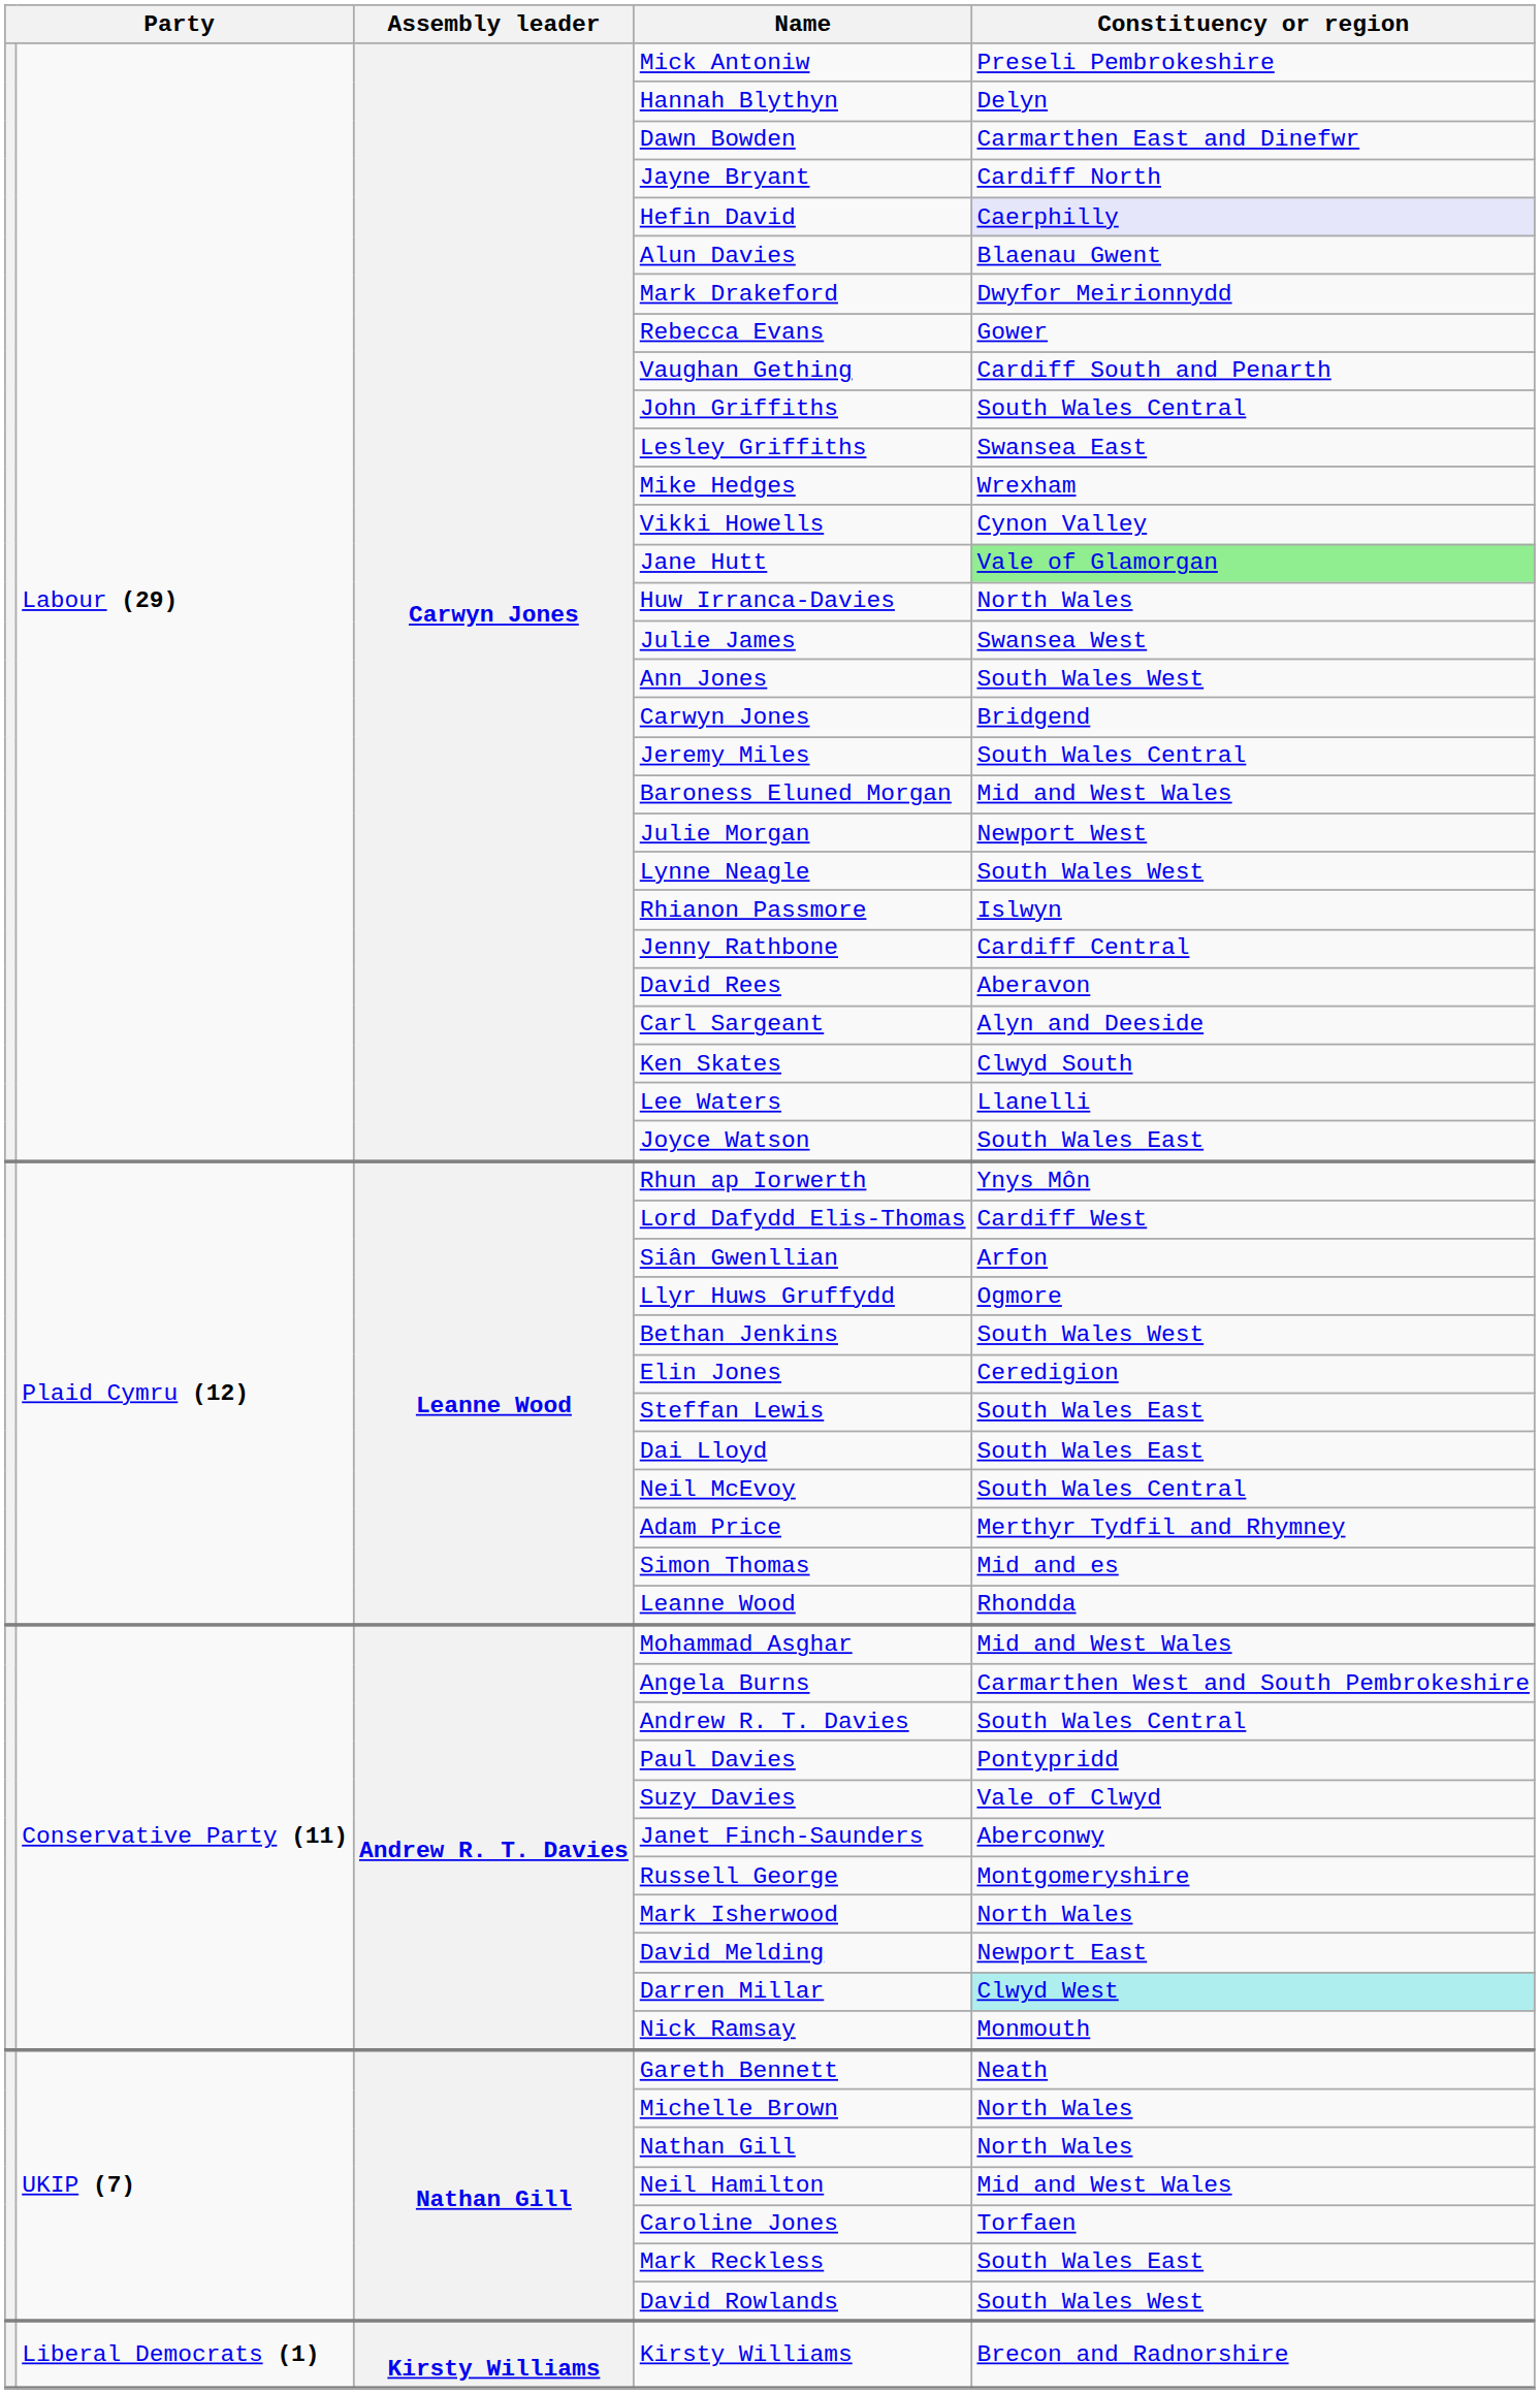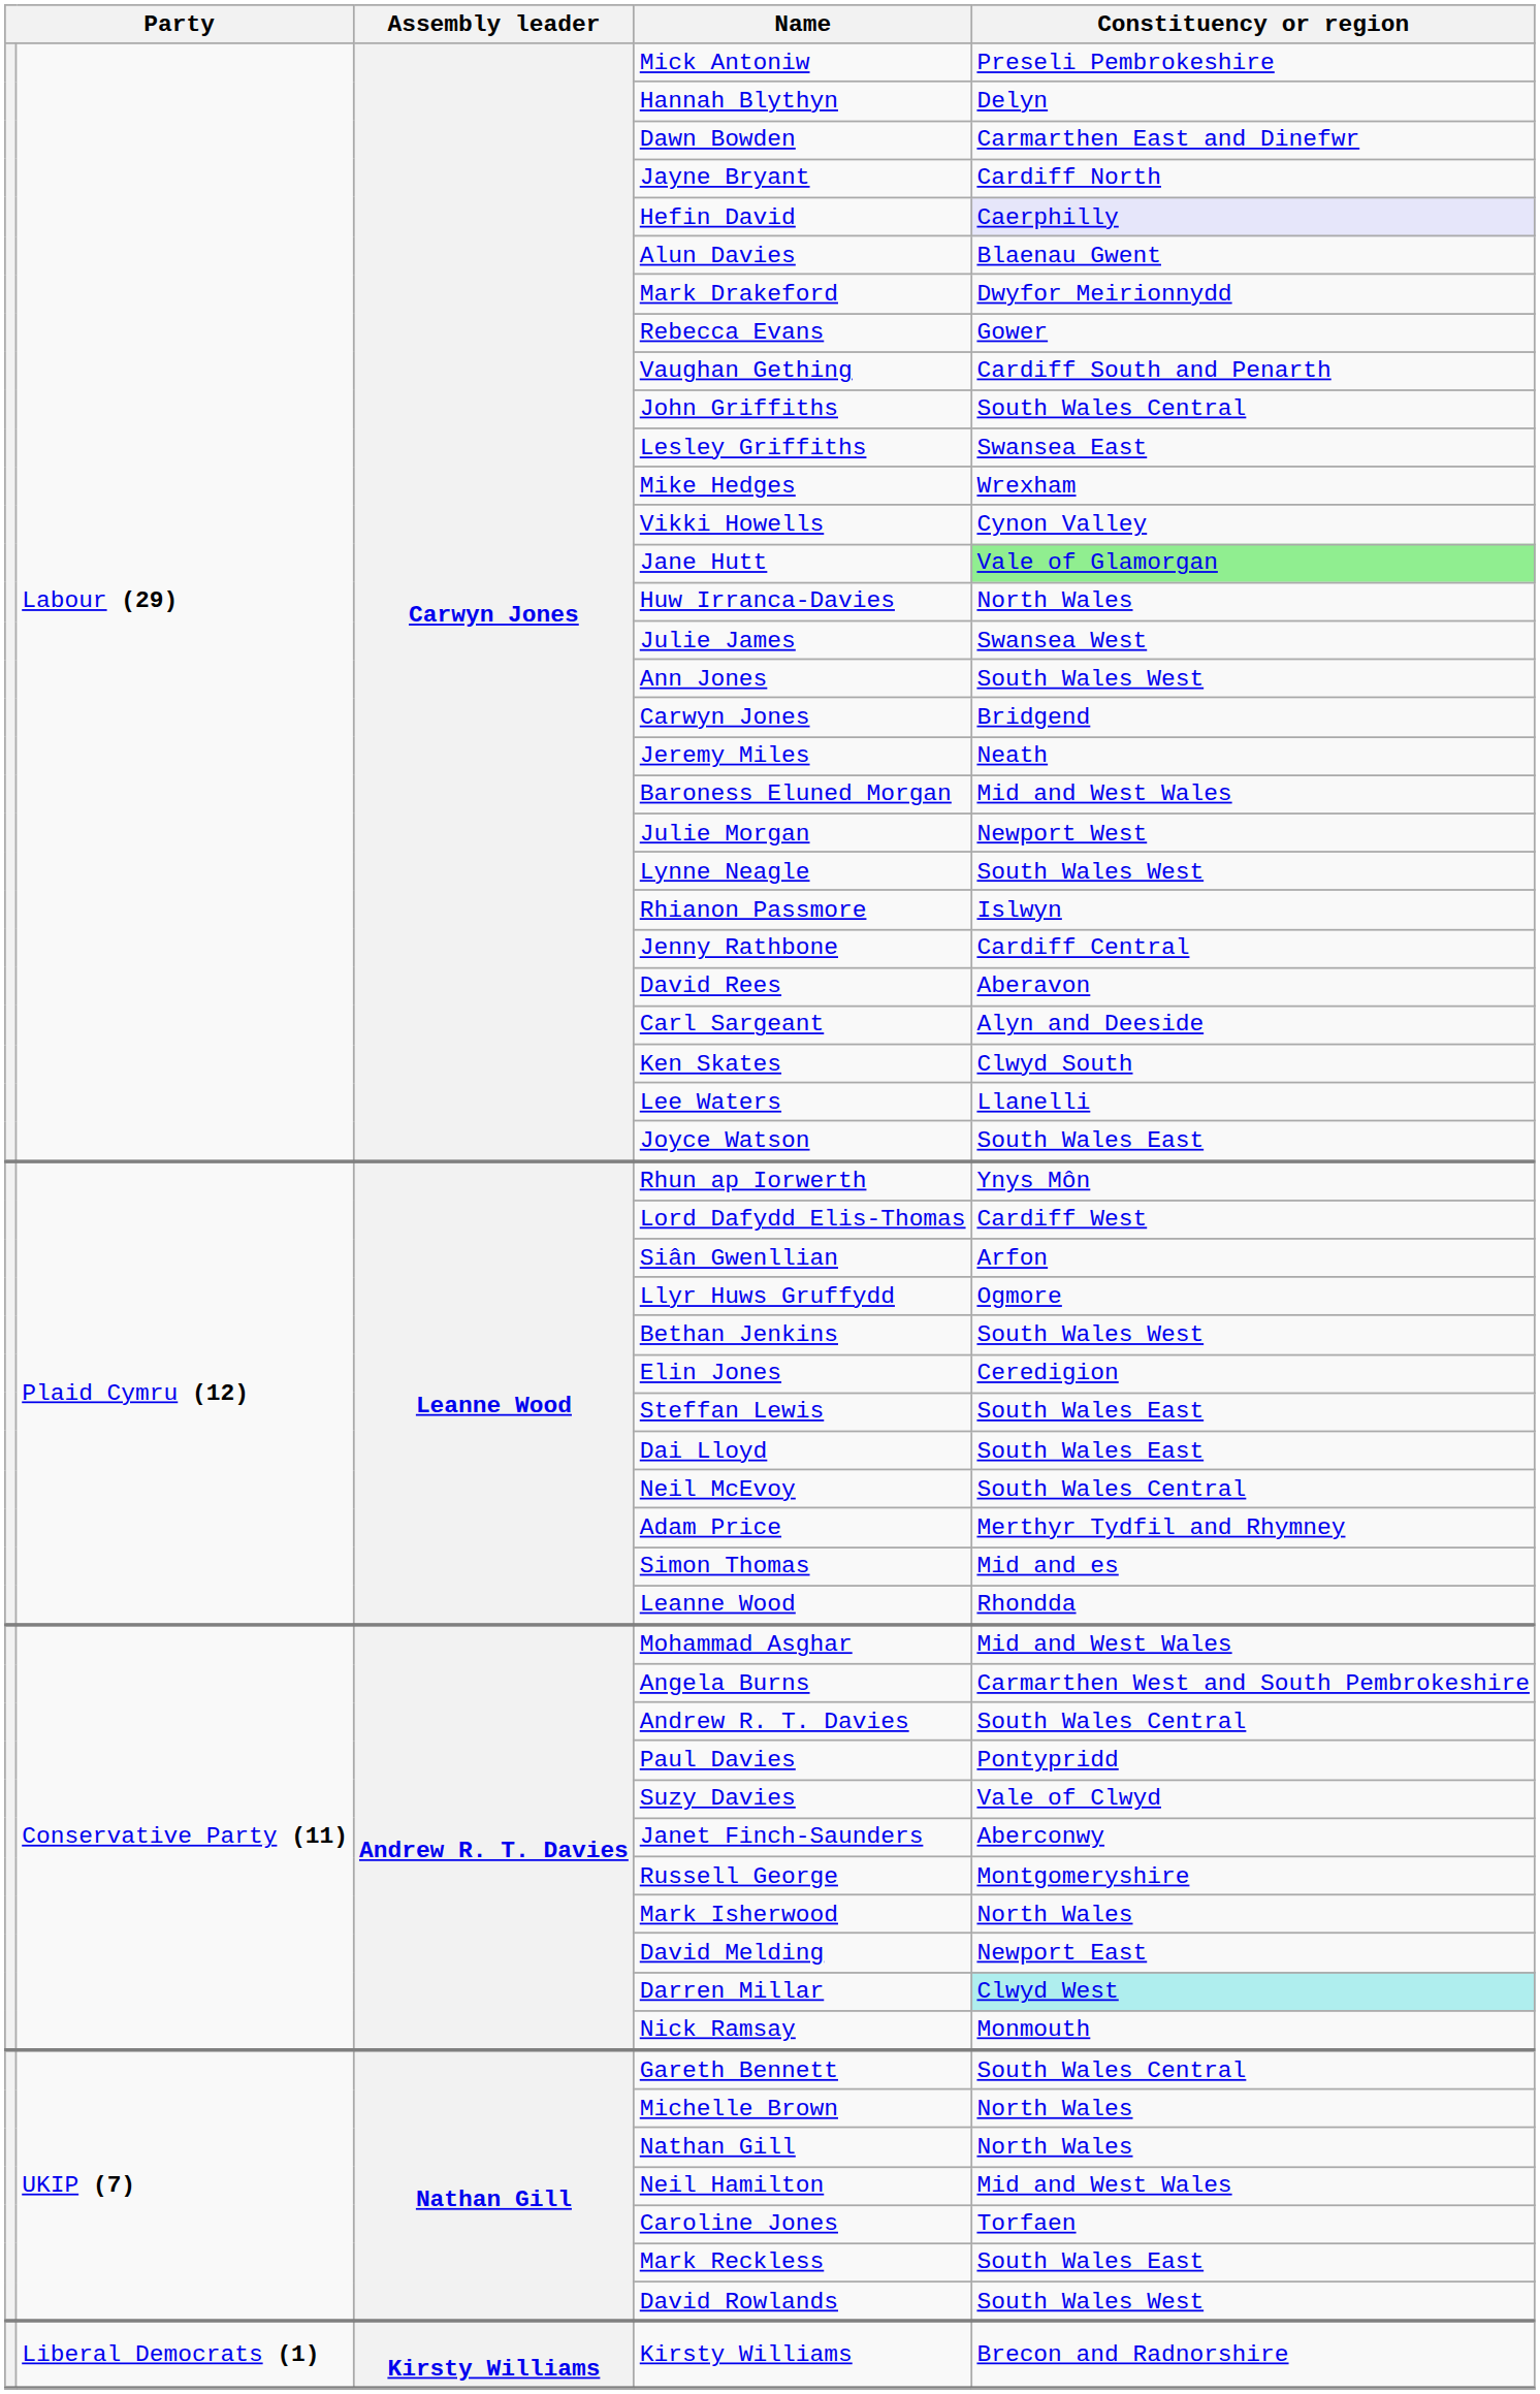 <table class="wikitable">
 <tr>
 <th colspan="2">Party</th>
 <th>Assembly leader</th>
 <th>Name</th>
 <th>Constituency or region</th>
 </tr>
 <tr>
 <th rowspan="29" style="background-color: "></th>
 <td rowspan="29"><a href='#'>Labour</a> <strong>(29)</strong></td>
 <th rowspan="29"><br><a href='#'>Carwyn Jones</a></th>
 <td><a href='#'>Mick Antoniw</a></td>
 <td><a href='#'>Preseli Pembrokeshire</a></td>
 </tr>
 <tr>
 <td><a href='#'>Hannah Blythyn</a></td>
 <td><a href='#'>Delyn</a></td>
 </tr>
 <tr>
 <td><a href='#'>Dawn Bowden</a></td>
 <td><a href='#'>Carmarthen East and Dinefwr</a></td>
 </tr>
 <tr>
 <td><a href='#'>Jayne Bryant</a></td>
 <td><a href='#'>Cardiff North</a></td>
 </tr>
 <tr>
 <td><a href='#'>Hefin David</a></td>
 <td style="background: lavender;"><a href='#'>Caerphilly</a></td>
 </tr>
 <tr>
 <td><a href='#'>Alun Davies</a></td>
 <td><a href='#'>Blaenau Gwent</a></td>
 </tr>
 <tr>
 <td><a href='#'>Mark Drakeford</a></td>
 <td><a href='#'>Dwyfor Meirionnydd</a></td>
 </tr>
 <tr>
 <td><a href='#'>Rebecca Evans</a></td>
 <td><a href='#'>Gower</a></td>
 </tr>
 <tr>
 <td><a href='#'>Vaughan Gething</a></td>
 <td><a href='#'>Cardiff South and Penarth</a></td>
 </tr>
 <tr>
 <td><a href='#'>John Griffiths</a></td>
 <td><a href='#'>South Wales Central</a></td>
 </tr>
 <tr>
 <td><a href='#'>Lesley Griffiths</a></td>
 <td><a href='#'>Swansea East</a></td>
 </tr>
 <tr>
 <td><a href='#'>Mike Hedges</a></td>
 <td><a href='#'>Wrexham</a></td>
 </tr>
 <tr>
 <td><a href='#'>Vikki Howells</a></td>
 <td><a href='#'>Cynon Valley</a></td>
 </tr>
 <tr>
 <td><a href='#'>Jane Hutt</a></td>
 <td style="background: lightgreen;"><a href='#'>Vale of Glamorgan</a></td>
 </tr>
 <tr>
 <td><a href='#'>Huw Irranca-Davies</a></td>
 <td><a href='#'>North Wales</a></td>
 </tr>
 <tr>
 <td><a href='#'>Julie James</a></td>
 <td><a href='#'>Swansea West</a></td>
 </tr>
 <tr>
 <td><a href='#'>Ann Jones</a></td>
 <td><a href='#'>South Wales West</a></td>
 </tr>
 <tr>
 <td><a href='#'>Carwyn Jones</a></td>
 <td><a href='#'>Bridgend</a></td>
 </tr>
 <tr>
 <td><a href='#'>Jeremy Miles</a></td>
-<td><a href='#'>South Wales Central</a></td>
+<td><a href='#'>Neath</a></td>
 </tr>
 <tr>
 <td><a href='#'>Baroness Eluned Morgan</a></td>
 <td><a href='#'>Mid and West Wales</a></td>
 </tr>
 <tr>
 <td><a href='#'>Julie Morgan</a></td>
 <td><a href='#'>Newport West</a></td>
 </tr>
 <tr>
 <td><a href='#'>Lynne Neagle</a></td>
 <td><a href='#'>South Wales West</a></td>
 </tr>
 <tr>
 <td><a href='#'>Rhianon Passmore</a></td>
 <td><a href='#'>Islwyn</a></td>
 </tr>
 <tr>
 <td><a href='#'>Jenny Rathbone</a></td>
 <td><a href='#'>Cardiff Central</a></td>
 </tr>
 <tr>
 <td><a href='#'>David Rees</a></td>
 <td><a href='#'>Aberavon</a></td>
 </tr>
 <tr>
 <td><a href='#'>Carl Sargeant</a></td>
 <td><a href='#'>Alyn and Deeside</a></td>
 </tr>
 <tr>
 <td><a href='#'>Ken Skates</a></td>
 <td><a href='#'>Clwyd South</a></td>
 </tr>
 <tr>
 <td><a href='#'>Lee Waters</a></td>
 <td><a href='#'>Llanelli</a></td>
 </tr>
 <tr style="border-bottom: 2px solid gray;">
 <td><a href='#'>Joyce Watson</a></td>
 <td><a href='#'>South Wales East</a></td>
 </tr>
 <tr>
 <th rowspan="12" style="background-color: "></th>
 <td rowspan="12"><a href='#'>Plaid Cymru</a> <strong>(12)</strong></td>
 <th rowspan="12"><br><a href='#'>Leanne Wood</a></th>
 <td><a href='#'>Rhun ap Iorwerth</a></td>
 <td><a href='#'>Ynys Môn</a></td>
 </tr>
 <tr>
 <td><a href='#'>Lord Dafydd Elis-Thomas</a></td>
 <td><a href='#'>Cardiff West</a></td>
 </tr>
 <tr>
 <td><a href='#'>Siân Gwenllian</a></td>
 <td><a href='#'>Arfon</a></td>
 </tr>
 <tr>
 <td><a href='#'>Llyr Huws Gruffydd</a></td>
 <td><a href='#'>Ogmore</a></td>
 </tr>
 <tr>
 <td><a href='#'>Bethan Jenkins</a></td>
 <td><a href='#'>South Wales West</a></td>
 </tr>
 <tr>
 <td><a href='#'>Elin Jones</a></td>
 <td><a href='#'>Ceredigion</a></td>
 </tr>
 <tr>
 <td><a href='#'>Steffan Lewis</a></td>
 <td><a href='#'>South Wales East</a></td>
 </tr>
 <tr>
 <td><a href='#'>Dai Lloyd</a></td>
 <td><a href='#'>South Wales East</a></td>
 </tr>
 <tr>
 <td><a href='#'>Neil McEvoy</a></td>
 <td><a href='#'>South Wales Central</a></td>
 </tr>
 <tr>
 <td><a href='#'>Adam Price</a></td>
 <td><a href='#'>Merthyr Tydfil and Rhymney</a></td>
 </tr>
 <tr>
 <td><a href='#'>Simon Thomas</a></td>
 <td><a href='#'>Mid and es</a></td>
 </tr>
 <tr style="border-bottom: 2px solid gray;">
 <td><a href='#'>Leanne Wood</a></td>
 <td><a href='#'>Rhondda</a></td>
 </tr>
 <tr>
 <th rowspan="11" style="background-color: "></th>
 <td rowspan="11"><a href='#'>Conservative Party</a> <strong>(11)</strong></td>
 <th rowspan="11"><br><a href='#'>Andrew R. T. Davies</a></th>
 <td><a href='#'>Mohammad Asghar</a></td>
 <td><a href='#'>Mid and West Wales</a></td>
 </tr>
 <tr>
 <td><a href='#'>Angela Burns</a></td>
 <td><a href='#'>Carmarthen West and South Pembrokeshire</a></td>
 </tr>
 <tr>
 <td><a href='#'>Andrew R. T. Davies</a></td>
 <td><a href='#'>South Wales Central</a></td>
 </tr>
 <tr>
 <td><a href='#'>Paul Davies</a></td>
 <td><a href='#'>Pontypridd</a></td>
 </tr>
 <tr>
 <td><a href='#'>Suzy Davies</a></td>
 <td><a href='#'>Vale of Clwyd</a></td>
 </tr>
 <tr>
 <td><a href='#'>Janet Finch-Saunders</a></td>
 <td><a href='#'>Aberconwy</a></td>
 </tr>
 <tr>
 <td><a href='#'>Russell George</a></td>
 <td><a href='#'>Montgomeryshire</a></td>
 </tr>
 <tr>
 <td><a href='#'>Mark Isherwood</a></td>
 <td><a href='#'>North Wales</a></td>
 </tr>
 <tr>
 <td><a href='#'>David Melding</a></td>
 <td><a href='#'>Newport East</a></td>
 </tr>
 <tr>
 <td><a href='#'>Darren Millar</a></td>
 <td style="background: paleturquoise;"><a href='#'>Clwyd West</a></td>
 </tr>
 <tr style="border-bottom: 2px solid gray;">
 <td><a href='#'>Nick Ramsay</a></td>
 <td><a href='#'>Monmouth</a></td>
 </tr>
 <tr>
 <th rowspan="7" style="background-color: "></th>
 <td rowspan="7"><a href='#'>UKIP</a> <strong>(7)</strong></td>
 <th rowspan="7"><br><a href='#'>Nathan Gill</a></th>
 <td><a href='#'>Gareth Bennett</a></td>
-<td><a href='#'>Neath</a></td>
+<td><a href='#'>South Wales Central</a></td>
 </tr>
 <tr>
 <td><a href='#'>Michelle Brown</a></td>
 <td><a href='#'>North Wales</a></td>
 </tr>
 <tr>
 <td><a href='#'>Nathan Gill</a></td>
 <td><a href='#'>North Wales</a></td>
 </tr>
 <tr>
 <td><a href='#'>Neil Hamilton</a></td>
 <td><a href='#'>Mid and West Wales</a></td>
 </tr>
 <tr>
 <td><a href='#'>Caroline Jones</a></td>
 <td><a href='#'>Torfaen</a></td>
 </tr>
 <tr>
 <td><a href='#'>Mark Reckless</a></td>
 <td><a href='#'>South Wales East</a></td>
 </tr>
 <tr style="border-bottom: 2px solid gray;">
 <td><a href='#'>David Rowlands</a></td>
 <td><a href='#'>South Wales West</a></td>
 </tr>
 <tr style="border-bottom: 2px solid gray;">
 <th rowspan="1" style="background-color: "></th>
 <td rowspan="1"><a href='#'>Liberal Democrats</a> <strong>(1)</strong></td>
 <th><br><a href='#'>Kirsty Williams</a></th>
 <td><a href='#'>Kirsty Williams</a></td>
 <td><a href='#'>Brecon and Radnorshire</a></td>
 </tr>
 <tr>
 </tr>
 </table>
